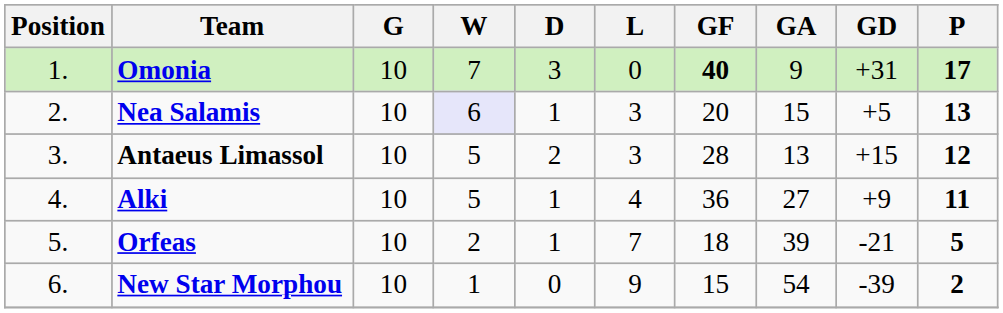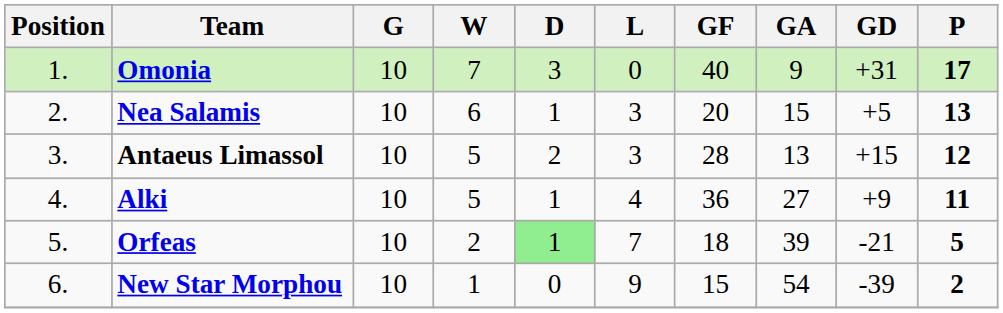 <table class="wikitable sortable" style="text-align: center;">
 <tr>
 <th width="44">Position</th>
 <th width="135">Team</th>
 <th width="40">G</th>
 <th width="40">W</th>
 <th width="40">D</th>
 <th width="40">L</th>
 <th width="40">GF</th>
 <th width="40">GA</th>
 <th width="40">GD</th>
 <th width="40">P</th>
 </tr>
 <tr bgcolor="D0F0C0">
 <td>1.</td>
 <td align="left"><strong><a href='#'>Omonia</a></strong></td>
 <td>10</td>
 <td>7</td>
 <td>3</td>
 <td>0</td>
-<td><strong>40</strong></td>
+<td>40</td>
 <td>9</td>
 <td>+31</td>
 <td><strong>17 </strong></td>
 </tr>
 <tr>
 <td>2.</td>
 <td align="left"><strong><a href='#'>Nea Salamis</a></strong></td>
 <td>10</td>
-<td style="background: lavender;">6</td>
+<td>6</td>
 <td>1</td>
 <td>3</td>
 <td>20</td>
 <td>15</td>
 <td>+5</td>
 <td><strong>13</strong></td>
 </tr>
 <tr>
 <td>3.</td>
 <td align="left"><strong>Antaeus Limassol</strong></td>
 <td>10</td>
 <td>5</td>
 <td>2</td>
 <td>3</td>
 <td>28</td>
 <td>13</td>
 <td>+15</td>
 <td><strong>12</strong></td>
 </tr>
 <tr>
 <td>4.</td>
 <td align="left"><strong><a href='#'>Alki</a></strong></td>
 <td>10</td>
 <td>5</td>
 <td>1</td>
 <td>4</td>
 <td>36</td>
 <td>27</td>
 <td>+9</td>
 <td><strong>11</strong></td>
 </tr>
 <tr>
 <td>5.</td>
 <td align="left"><strong><a href='#'>Orfeas</a></strong></td>
 <td>10</td>
 <td>2</td>
-<td>1</td>
+<td style="background: lightgreen;">1</td>
 <td>7</td>
 <td>18</td>
 <td>39</td>
 <td>-21</td>
 <td><strong>5 </strong></td>
 </tr>
 <tr>
 <td>6.</td>
 <td align="left"><strong><a href='#'>New Star Morphou</a></strong></td>
 <td>10</td>
 <td>1</td>
 <td>0</td>
 <td>9</td>
 <td>15</td>
 <td>54</td>
 <td>-39</td>
 <td><strong>2</strong></td>
 </tr>
 <tr>
 </tr>
 </table>
